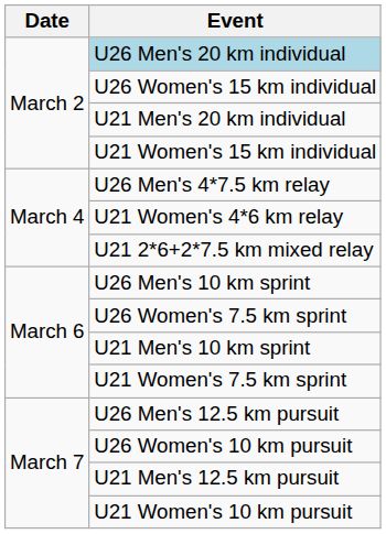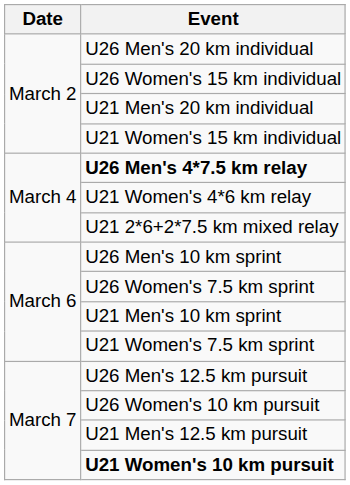 <table class="wikitable">
 <tr>
 <th>Date</th>
 <th>Event</th>
 </tr>
 <tr>
 <td rowspan=4>March 2</td>
-<td style="background: lightblue;">U26 Men's 20 km individual</td>
+<td>U26 Men's 20 km individual</td>
 </tr>
 <tr>
 <td>U26 Women's 15 km individual</td>
 </tr>
 <tr>
 <td>U21 Men's 20 km individual</td>
 </tr>
 <tr>
 <td>U21 Women's 15 km individual</td>
 </tr>
 <tr>
 <td rowspan=3>March 4</td>
-<td>U26 Men's 4*7.5 km relay</td>
+<td><strong>U26 Men's 4*7.5 km relay</strong></td>
 </tr>
 <tr>
 <td>U21 Women's 4*6 km relay</td>
 </tr>
 <tr>
 <td>U21 2*6+2*7.5 km mixed relay</td>
 </tr>
 <tr>
 <td rowspan=4>March 6</td>
 <td>U26 Men's 10 km sprint</td>
 </tr>
 <tr>
 <td>U26 Women's 7.5 km sprint</td>
 </tr>
 <tr>
 <td>U21 Men's 10 km sprint</td>
 </tr>
 <tr>
 <td>U21 Women's 7.5 km sprint</td>
 </tr>
 <tr>
 <td rowspan=4>March 7</td>
 <td>U26 Men's 12.5 km pursuit</td>
 </tr>
 <tr>
 <td>U26 Women's 10 km pursuit</td>
 </tr>
 <tr>
 <td>U21 Men's 12.5 km pursuit</td>
 </tr>
 <tr>
-<td>U21 Women's 10 km pursuit</td>
+<td><strong>U21 Women's 10 km pursuit</strong></td>
 </tr>
 </table>
